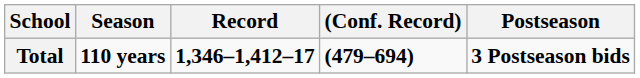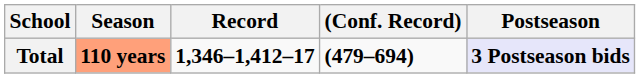 <table class="wikitable">
 <tr>
 <th>School</th>
 <th>Season</th>
 <th>Record</th>
 <th>(Conf. Record)</th>
 <th>Postseason</th>
 </tr>
 <tr>
 <th>Total</th>
-<td><strong>110 years</strong></td>
+<td style="background: lightsalmon;"><strong>110 years</strong></td>
 <td><strong>1,346–1,412–17</strong></td>
 <td><strong>(479–694)</strong></td>
-<td><strong>3 Postseason bids</strong></td>
+<td style="background: lavender;"><strong>3 Postseason bids</strong></td>
 </tr>
 </table>
